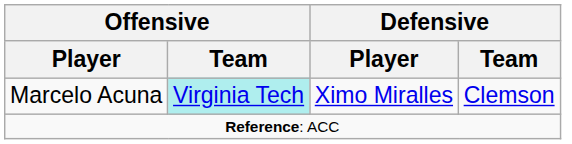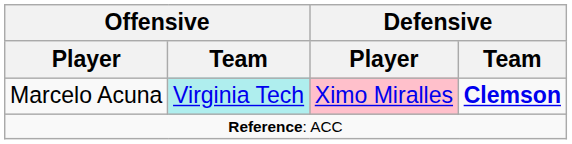 <table class="wikitable">
 <tr>
 <th colspan="2">Offensive</th>
 <th colspan="2">Defensive</th>
 </tr>
 <tr>
 <th>Player</th>
 <th>Team</th>
 <th>Player</th>
 <th>Team</th>
 </tr>
 <tr>
 <td>Marcelo Acuna</td>
 <td style="background: paleturquoise;"><a href='#'>Virginia Tech</a></td>
-<td><a href='#'>Ximo Miralles</a></td>
-<td><a href='#'>Clemson</a></td>
+<td style="background: pink;"><a href='#'>Ximo Miralles</a></td>
+<td><strong><a href='#'>Clemson</a></strong></td>
 </tr>
 <tr>
 <td colspan="12"  style="font-size:8pt; text-align:center;"><strong>Reference</strong>: ACC</td>
 </tr>
 </table>
